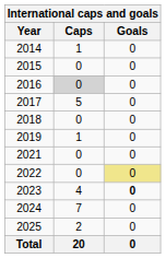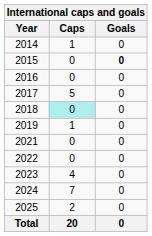 <table class="wikitable sortable" style="text-align:center">
 <tr>
 <th colspan="3">International caps and goals</th>
 </tr>
 <tr>
 <th>Year</th>
 <th>Caps</th>
 <th>Goals</th>
 </tr>
 <tr>
 <td>2014</td>
 <td>1</td>
 <td>0</td>
 </tr>
 <tr>
 <td>2015</td>
 <td>0</td>
-<td>0</td>
+<td><strong>0</strong></td>
 </tr>
 <tr>
 <td>2016</td>
-<td style="background: lightgrey;">0</td>
+<td>0</td>
 <td>0</td>
 </tr>
 <tr>
 <td>2017</td>
 <td>5</td>
 <td>0</td>
 </tr>
 <tr>
 <td>2018</td>
-<td>0</td>
+<td style="background: paleturquoise;">0</td>
 <td>0</td>
 </tr>
 <tr>
 <td>2019</td>
 <td>1</td>
 <td>0</td>
 </tr>
 <tr>
 <td>2021</td>
 <td>0</td>
 <td>0</td>
 </tr>
 <tr>
 <td>2022</td>
 <td>0</td>
-<td style="background: khaki;">0</td>
+<td>0</td>
 </tr>
 <tr>
 <td>2023</td>
 <td>4</td>
-<td><strong>0</strong></td>
+<td>0</td>
 </tr>
 <tr>
 <td>2024</td>
 <td>7</td>
 <td>0</td>
 </tr>
 <tr>
 <td>2025</td>
 <td>2</td>
 <td>0</td>
 </tr>
 <tr>
 <th>Total</th>
 <th>20</th>
 <th>0</th>
 </tr>
 </table>
